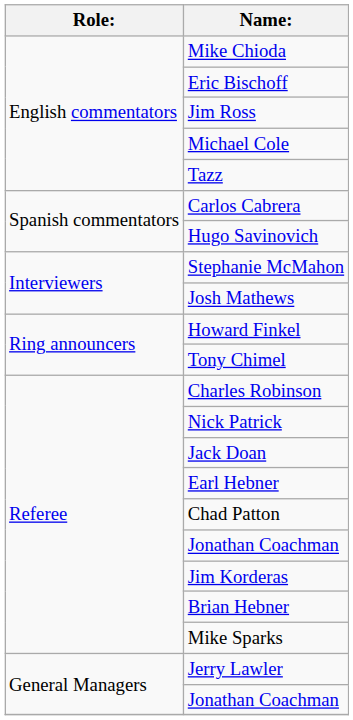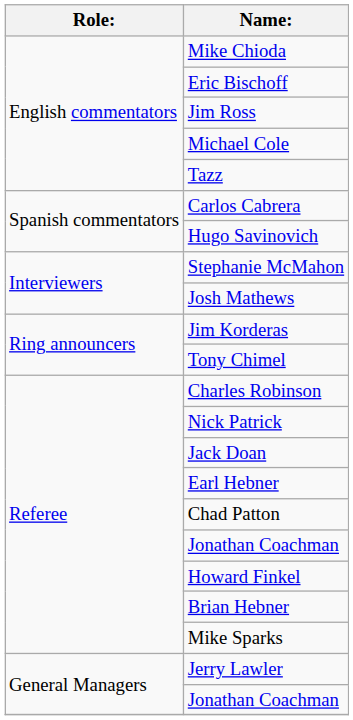 <table class=wikitable style="font-size:90%; margin: 0.5em 0 0.5em 1em; float: right; clear: right;">
 <tr>
 <th>Role:</th>
 <th>Name:</th>
 </tr>
 <tr>
 <td rowspan=5>English <a href='#'>commentators</a></td>
 <td><a href='#'>Mike Chioda</a> </td>
 </tr>
 <tr>
 <td><a href='#'>Eric Bischoff</a> </td>
 </tr>
 <tr>
 <td><a href='#'>Jim Ross</a> </td>
 </tr>
 <tr>
 <td><a href='#'>Michael Cole</a> </td>
 </tr>
 <tr>
 <td><a href='#'>Tazz</a> </td>
 </tr>
 <tr>
 <td rowspan=2>Spanish commentators</td>
 <td><a href='#'>Carlos Cabrera</a></td>
 </tr>
 <tr>
 <td><a href='#'>Hugo Savinovich</a></td>
 </tr>
 <tr>
 <td rowspan="2"><a href='#'>Interviewers</a></td>
 <td><a href='#'>Stephanie McMahon</a> </td>
 </tr>
 <tr>
 <td><a href='#'>Josh Mathews</a></td>
 </tr>
 <tr>
 <td rowspan=2><a href='#'>Ring announcers</a></td>
-<td><a href='#'>Howard Finkel</a> </td>
+<td><a href='#'>Jim Korderas</a> </td>
 </tr>
 <tr>
 <td><a href='#'>Tony Chimel</a> </td>
 </tr>
 <tr>
 <td rowspan=9><a href='#'>Referee</a></td>
 <td><a href='#'>Charles Robinson</a> </td>
 </tr>
 <tr>
 <td><a href='#'>Nick Patrick</a> </td>
 </tr>
 <tr>
 <td><a href='#'>Jack Doan</a> </td>
 </tr>
 <tr>
 <td><a href='#'>Earl Hebner</a> </td>
 </tr>
 <tr>
 <td>Chad Patton </td>
 </tr>
 <tr>
 <td><a href='#'>Jonathan Coachman</a> </td>
 </tr>
 <tr>
-<td><a href='#'>Jim Korderas</a> </td>
+<td><a href='#'>Howard Finkel</a> </td>
 </tr>
 <tr>
 <td><a href='#'>Brian Hebner</a> </td>
 </tr>
 <tr>
 <td>Mike Sparks </td>
 </tr>
 <tr>
 <td rowspan="2">General Managers</td>
 <td><a href='#'>Jerry Lawler</a> </td>
 </tr>
 <tr>
 <td><a href='#'>Jonathan Coachman</a></td>
 </tr>
 <tr>
 </tr>
 </table>
